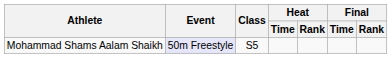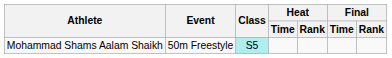 <table class="wikitable" style="text-align:center; font-size:90%">
 <tr>
 <th rowspan="2">Athlete</th>
 <th rowspan="2">Event</th>
 <th rowspan="2">Class</th>
 <th colspan="2">Heat</th>
 <th colspan="2">Final</th>
 </tr>
 <tr>
 <th>Time</th>
 <th>Rank</th>
 <th>Time</th>
 <th>Rank</th>
 </tr>
 <tr>
 <td>Mohammad Shams Aalam Shaikh</td>
-<td style="background: lavender;">50m Freestyle</td>
-<td>S5</td>
+<td>50m Freestyle</td>
+<td style="background: paleturquoise;">S5</td>
 <td></td>
 <td></td>
 <td></td>
 <td></td>
 </tr>
 </table>
